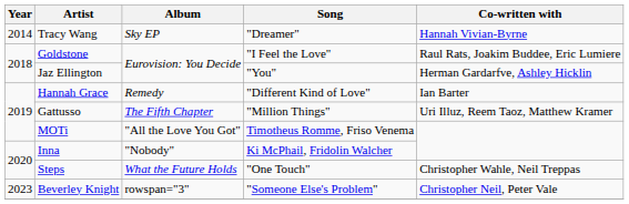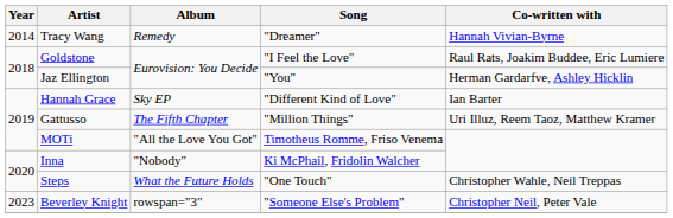 <table class="wikitable">
 <tr>
 <th>Year</th>
 <th>Artist</th>
 <th>Album</th>
 <th>Song</th>
 <th>Co-written with</th>
 </tr>
 <tr>
 <td>2014</td>
 <td>Tracy Wang</td>
-<td><em>Sky EP</em></td>
+<td><em>Remedy</em></td>
 <td>"Dreamer"</td>
 <td><a href='#'>Hannah Vivian-Byrne</a></td>
 </tr>
 <tr>
 <td rowspan="2">2018</td>
 <td><a href='#'>Goldstone</a></td>
 <td rowspan="2"><em>Eurovision: You Decide</em></td>
 <td>"I Feel the Love"</td>
 <td>Raul Rats, Joakim Buddee, Eric Lumiere</td>
 </tr>
 <tr>
 <td>Jaz Ellington</td>
 <td>"You"</td>
 <td>Herman Gardarfve, <a href='#'>Ashley Hicklin</a></td>
 </tr>
 <tr>
 <td rowspan="3">2019</td>
 <td><a href='#'>Hannah Grace</a></td>
-<td><em>Remedy</em></td>
+<td><em>Sky EP</em></td>
 <td>"Different Kind of Love"</td>
 <td>Ian Barter</td>
 </tr>
 <tr>
 <td>Gattusso</td>
 <td><em><a href='#'>The Fifth Chapter</a></em></td>
 <td>"Million Things" </td>
 <td>Uri Illuz, Reem Taoz, Matthew Kramer</td>
 </tr>
 <tr>
 <td><a href='#'>MOTi</a></td>
 <td>"All the Love You Got"</td>
 <td><a href='#'>Timotheus Romme</a>, Friso Venema</td>
 </tr>
 <tr>
 <td rowspan="2">2020</td>
 <td><a href='#'>Inna</a></td>
 <td>"Nobody"</td>
 <td><a href='#'>Ki McPhail</a>, <a href='#'>Fridolin Walcher</a></td>
 </tr>
 <tr>
 <td><a href='#'>Steps</a></td>
 <td><em><a href='#'>What the Future Holds</a></em></td>
 <td>"One Touch"</td>
 <td>Christopher Wahle, Neil Treppas</td>
 </tr>
 <tr>
 <td>2023</td>
 <td><a href='#'>Beverley Knight</a></td>
 <td>rowspan="3" </td>
 <td>"<a href='#'>Someone Else's Problem</a>"</td>
 <td><a href='#'>Christopher Neil</a>, Peter Vale</td>
 </tr>
 <tr>
 </tr>
 </table>
